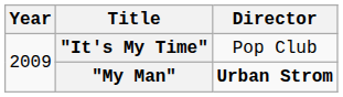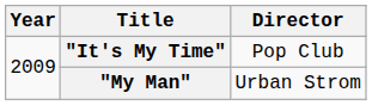 <table class="wikitable plainrowheaders" style="text-align:center;">
 <tr>
 <th scope="col">Year</th>
 <th scope="col">Title</th>
 <th scope="col">Director</th>
 </tr>
 <tr>
 <td rowspan="2">2009</td>
 <th scope="row">"It's My Time"</th>
 <td>Pop Club</td>
 </tr>
 <tr>
 <th scope="row">"My Man"</th>
-<td><strong>Urban Strom</strong></td>
+<td>Urban Strom</td>
 </tr>
 </table>
